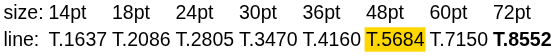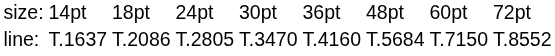 <table style="margin-left:40px;">
 <tr>
 <td>size:</td>
 <td>14pt</td>
 <td>18pt</td>
 <td>24pt</td>
 <td>30pt</td>
 <td>36pt</td>
 <td>48pt</td>
 <td>60pt</td>
 <td>72pt</td>
 </tr>
 <tr>
 <td>line:</td>
 <td>T.1637</td>
 <td>T.2086</td>
 <td>T.2805</td>
 <td>T.3470</td>
 <td>T.4160</td>
-<td style="background: gold;">T.5684</td>
+<td>T.5684</td>
 <td>T.7150</td>
-<td><strong>T.8552</strong></td>
+<td>T.8552</td>
 </tr>
 </table>
